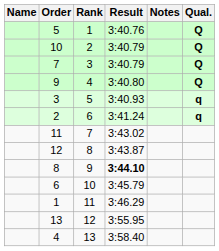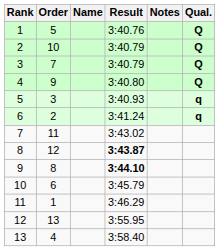 <table class="wikitable sortable" style="text-align:center">
 <tr>
+<th>Rank</th>
+<th>Order</th>
 <th>Name</th>
-<th>Order</th>
-<th>Rank</th>
 <th>Result</th>
 <th>Notes</th>
 <th>Qual.</th>
 </tr>
 <tr style="background:#cfc;">
+<td>1</td>
+<td>5</td>
 <td align="left"></td>
-<td>5</td>
-<td>1</td>
 <td>3:40.76</td>
 <td></td>
 <td><strong>Q</strong></td>
 </tr>
 <tr style="background:#cfc;">
+<td>2</td>
+<td>10</td>
 <td align="left"></td>
-<td>10</td>
-<td>2</td>
 <td>3:40.79</td>
 <td></td>
 <td><strong>Q</strong></td>
 </tr>
 <tr style="background:#cfc;">
+<td>3</td>
+<td>7</td>
 <td align="left"></td>
-<td>7</td>
-<td>3</td>
 <td>3:40.79</td>
 <td></td>
 <td><strong>Q</strong></td>
 </tr>
 <tr style="background:#cfc;">
+<td>4</td>
+<td>9</td>
 <td align="left"></td>
-<td>9</td>
-<td>4</td>
 <td>3:40.80</td>
 <td></td>
 <td><strong>Q</strong></td>
 </tr>
 <tr style="background:#dfd;">
+<td>5</td>
+<td>3</td>
 <td align="left"></td>
-<td>3</td>
-<td>5</td>
 <td>3:40.93</td>
 <td></td>
 <td><strong>q</strong></td>
 </tr>
 <tr style="background:#dfd;">
+<td>6</td>
+<td>2</td>
 <td align="left"></td>
-<td>2</td>
-<td>6</td>
 <td>3:41.24</td>
 <td></td>
 <td><strong>q</strong></td>
 </tr>
 <tr>
+<td>7</td>
+<td>11</td>
 <td align="left"></td>
-<td>11</td>
-<td>7</td>
 <td>3:43.02</td>
 <td></td>
 <td></td>
 </tr>
 <tr>
+<td>8</td>
+<td>12</td>
 <td align="left"></td>
-<td>12</td>
-<td>8</td>
-<td>3:43.87</td>
+<td><strong>3:43.87</strong></td>
 <td></td>
 <td></td>
 </tr>
 <tr>
+<td>9</td>
+<td>8</td>
 <td align="left"></td>
-<td>8</td>
-<td>9</td>
 <td><strong>3:44.10</strong></td>
 <td></td>
 <td></td>
 </tr>
 <tr>
+<td>10</td>
+<td>6</td>
 <td align="left"></td>
-<td>6</td>
-<td>10</td>
 <td>3:45.79</td>
 <td></td>
 <td></td>
 </tr>
 <tr>
+<td>11</td>
+<td>1</td>
 <td align="left"></td>
-<td>1</td>
-<td>11</td>
 <td>3:46.29</td>
 <td></td>
 <td></td>
 </tr>
 <tr>
+<td>12</td>
+<td>13</td>
 <td align="left"></td>
-<td>13</td>
-<td>12</td>
 <td>3:55.95</td>
 <td></td>
 <td></td>
 </tr>
 <tr>
+<td>13</td>
+<td>4</td>
 <td align="left"></td>
-<td>4</td>
-<td>13</td>
 <td>3:58.40</td>
 <td></td>
 <td></td>
 </tr>
 </table>
